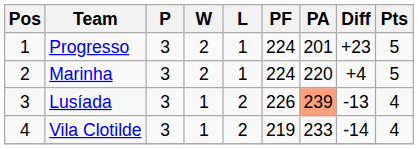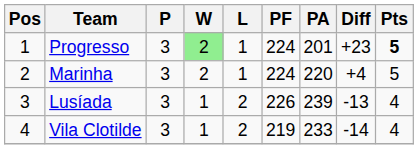 <table class="wikitable" style="text-align:center; font-size:90%">
 <tr>
 <th width=25>Pos</th>
 <th>Team</th>
 <th width=25>P</th>
 <th width=25>W</th>
 <th width=25>L</th>
 <th>PF</th>
 <th>PA</th>
 <th>Diff</th>
 <th width=25>Pts</th>
 </tr>
 <tr>
 <td>1</td>
 <td align=left><a href='#'>Progresso</a></td>
 <td>3</td>
-<td>2</td>
+<td style="background: lightgreen;">2</td>
 <td>1</td>
 <td>224</td>
 <td>201</td>
 <td>+23</td>
-<td>5</td>
+<td><strong>5</strong></td>
 </tr>
 <tr>
 <td>2</td>
 <td align=left><a href='#'>Marinha</a></td>
 <td>3</td>
 <td>2</td>
 <td>1</td>
 <td>224</td>
 <td>220</td>
 <td>+4</td>
 <td>5</td>
 </tr>
 <tr>
 <td>3</td>
 <td align=left><a href='#'>Lusíada</a></td>
 <td>3</td>
 <td>1</td>
 <td>2</td>
 <td>226</td>
-<td style="background: lightsalmon;">239</td>
+<td>239</td>
 <td>-13</td>
 <td>4</td>
 </tr>
 <tr>
 <td>4</td>
 <td align=left><a href='#'>Vila Clotilde</a></td>
 <td>3</td>
 <td>1</td>
 <td>2</td>
 <td>219</td>
 <td>233</td>
 <td>-14</td>
 <td>4</td>
 </tr>
 <tr>
 </tr>
 </table>
